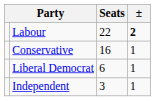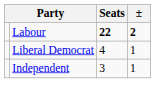 <table class="wikitable">
 <tr>
 <th colspan="2">Party</th>
 <th>Seats</th>
 <th>  ±  </th>
 </tr>
 <tr>
 <td style="background-color: "></td>
 <td><a href='#'>Labour</a></td>
-<td>22</td>
+<td><strong>22</strong></td>
 <td><strong> 2</strong></td>
 </tr>
 <tr>
 <td style="background-color: "></td>
-<td><a href='#'>Conservative</a></td>
-<td>16</td>
-<td> 1</td>
-</tr>
-<tr>
-<td style="background-color: "></td>
 <td><a href='#'>Liberal Democrat</a></td>
-<td>6</td>
+<td>4</td>
 <td> 1</td>
 </tr>
 <tr>
 <td style="background-color: "></td>
 <td><a href='#'>Independent</a></td>
 <td>3</td>
 <td>1</td>
 </tr>
 </table>
